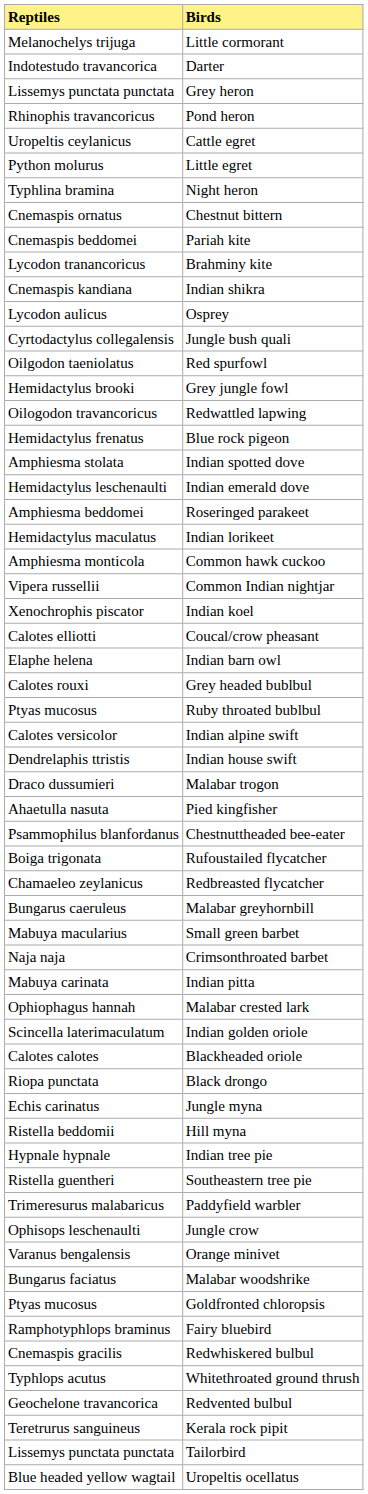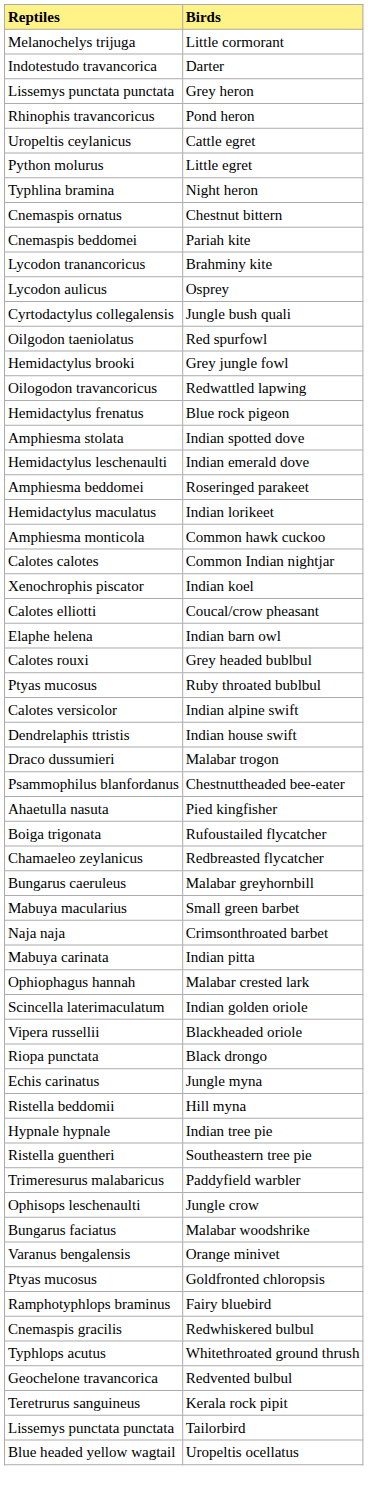 <table class="sortable" border="1" cellpadding="3" cellspacing="0" style="margin: 1em 1em 1em 0; background: #ffffff; border: 0px #aaa solid; border-collapse: collapse; font-size: 95%;">
 <tr bgcolor="#fff287" style="colour:#FFFFFF" align="centre">
 <td><strong>Reptiles</strong></td>
 <td><strong>Birds</strong></td>
 </tr>
 <tr>
 <td>Melanochelys trijuga</td>
 <td>Little cormorant</td>
 </tr>
 <tr>
 <td>Indotestudo travancorica</td>
 <td>Darter</td>
 </tr>
 <tr>
 <td>Lissemys punctata punctata</td>
 <td>Grey heron</td>
 </tr>
 <tr>
 <td>Rhinophis travancoricus</td>
 <td>Pond heron</td>
 </tr>
 <tr>
 <td>Uropeltis ceylanicus</td>
 <td>Cattle egret</td>
 </tr>
 <tr>
 <td>Python molurus</td>
 <td>Little egret</td>
 </tr>
 <tr>
 <td>Typhlina bramina</td>
 <td>Night heron</td>
 </tr>
 <tr>
 <td>Cnemaspis ornatus</td>
 <td>Chestnut bittern</td>
 </tr>
 <tr>
 <td>Cnemaspis beddomei</td>
 <td>Pariah kite</td>
 </tr>
 <tr>
 <td>Lycodon tranancoricus</td>
 <td>Brahminy kite</td>
 </tr>
 <tr>
-<td>Cnemaspis kandiana</td>
-<td>Indian shikra</td>
-</tr>
-<tr>
 <td>Lycodon aulicus</td>
 <td>Osprey</td>
 </tr>
 <tr>
 <td>Cyrtodactylus collegalensis</td>
 <td>Jungle bush quali</td>
 </tr>
 <tr>
 <td>Oilgodon taeniolatus</td>
 <td>Red spurfowl</td>
 </tr>
 <tr>
 <td>Hemidactylus brooki</td>
 <td>Grey jungle fowl</td>
 </tr>
 <tr>
 <td>Oilogodon travancoricus</td>
 <td>Redwattled lapwing</td>
 </tr>
 <tr>
 <td>Hemidactylus frenatus</td>
 <td>Blue rock pigeon</td>
 </tr>
 <tr>
 <td>Amphiesma stolata</td>
 <td>Indian spotted dove</td>
 </tr>
 <tr>
 <td>Hemidactylus leschenaulti</td>
 <td>Indian emerald dove</td>
 </tr>
 <tr>
 <td>Amphiesma beddomei</td>
 <td>Roseringed parakeet</td>
 </tr>
 <tr>
 <td>Hemidactylus maculatus</td>
 <td>Indian lorikeet</td>
 </tr>
 <tr>
 <td>Amphiesma monticola</td>
 <td>Common hawk cuckoo</td>
 </tr>
 <tr>
-<td>Vipera russellii</td>
+<td>Calotes calotes</td>
 <td>Common Indian nightjar</td>
 </tr>
 <tr>
 <td>Xenochrophis piscator</td>
 <td>Indian koel</td>
 </tr>
 <tr>
 <td>Calotes elliotti</td>
 <td>Coucal/crow pheasant</td>
 </tr>
 <tr>
 <td>Elaphe helena</td>
 <td>Indian barn owl</td>
 </tr>
 <tr>
 <td>Calotes rouxi</td>
 <td>Grey headed bublbul</td>
 </tr>
 <tr>
 <td>Ptyas mucosus</td>
 <td>Ruby throated bublbul</td>
 </tr>
 <tr>
 <td>Calotes versicolor</td>
 <td>Indian alpine swift</td>
 </tr>
 <tr>
 <td>Dendrelaphis ttristis</td>
 <td>Indian house swift</td>
 </tr>
 <tr>
 <td>Draco dussumieri</td>
 <td>Malabar trogon</td>
 </tr>
 <tr>
+<td>Psammophilus blanfordanus</td>
+<td>Chestnuttheaded bee-eater</td>
+</tr>
+<tr>
 <td>Ahaetulla nasuta</td>
 <td>Pied kingfisher</td>
-</tr>
-<tr>
-<td>Psammophilus blanfordanus</td>
-<td>Chestnuttheaded bee-eater</td>
 </tr>
 <tr>
 <td>Boiga trigonata</td>
 <td>Rufoustailed flycatcher</td>
 </tr>
 <tr>
 <td>Chamaeleo zeylanicus</td>
 <td>Redbreasted flycatcher</td>
 </tr>
 <tr>
 <td>Bungarus caeruleus</td>
 <td>Malabar greyhornbill</td>
 </tr>
 <tr>
 <td>Mabuya macularius</td>
 <td>Small green barbet</td>
 </tr>
 <tr>
 <td>Naja naja</td>
 <td>Crimsonthroated barbet</td>
 </tr>
 <tr>
 <td>Mabuya carinata</td>
 <td>Indian pitta</td>
 </tr>
 <tr>
 <td>Ophiophagus hannah</td>
 <td>Malabar crested lark</td>
 </tr>
 <tr>
 <td>Scincella laterimaculatum</td>
 <td>Indian golden oriole</td>
 </tr>
 <tr>
-<td>Calotes calotes</td>
+<td>Vipera russellii</td>
 <td>Blackheaded oriole</td>
 </tr>
 <tr>
 <td>Riopa punctata</td>
 <td>Black drongo</td>
 </tr>
 <tr>
 <td>Echis carinatus</td>
 <td>Jungle myna</td>
 </tr>
 <tr>
 <td>Ristella beddomii</td>
 <td>Hill myna</td>
 </tr>
 <tr>
 <td>Hypnale hypnale</td>
 <td>Indian tree pie</td>
 </tr>
 <tr>
 <td>Ristella guentheri</td>
 <td>Southeastern tree pie</td>
 </tr>
 <tr>
 <td>Trimeresurus malabaricus</td>
 <td>Paddyfield warbler</td>
 </tr>
 <tr>
 <td>Ophisops leschenaulti</td>
 <td>Jungle crow</td>
 </tr>
 <tr>
+<td>Bungarus faciatus</td>
+<td>Malabar woodshrike</td>
+</tr>
+<tr>
 <td>Varanus bengalensis</td>
 <td>Orange minivet</td>
-</tr>
-<tr>
-<td>Bungarus faciatus</td>
-<td>Malabar woodshrike</td>
 </tr>
 <tr>
 <td>Ptyas mucosus</td>
 <td>Goldfronted chloropsis</td>
 </tr>
 <tr>
 <td>Ramphotyphlops braminus</td>
 <td>Fairy bluebird</td>
 </tr>
 <tr>
 <td>Cnemaspis gracilis</td>
 <td>Redwhiskered bulbul</td>
 </tr>
 <tr>
 <td>Typhlops acutus</td>
 <td>Whitethroated ground thrush</td>
 </tr>
 <tr>
 <td>Geochelone travancorica</td>
 <td>Redvented bulbul</td>
 </tr>
 <tr>
 <td>Teretrurus sanguineus</td>
 <td>Kerala rock pipit</td>
 </tr>
 <tr>
 <td>Lissemys punctata punctata</td>
 <td>Tailorbird</td>
 </tr>
 <tr>
 <td>Blue headed yellow wagtail</td>
 <td>Uropeltis ocellatus</td>
 </tr>
 </table>
